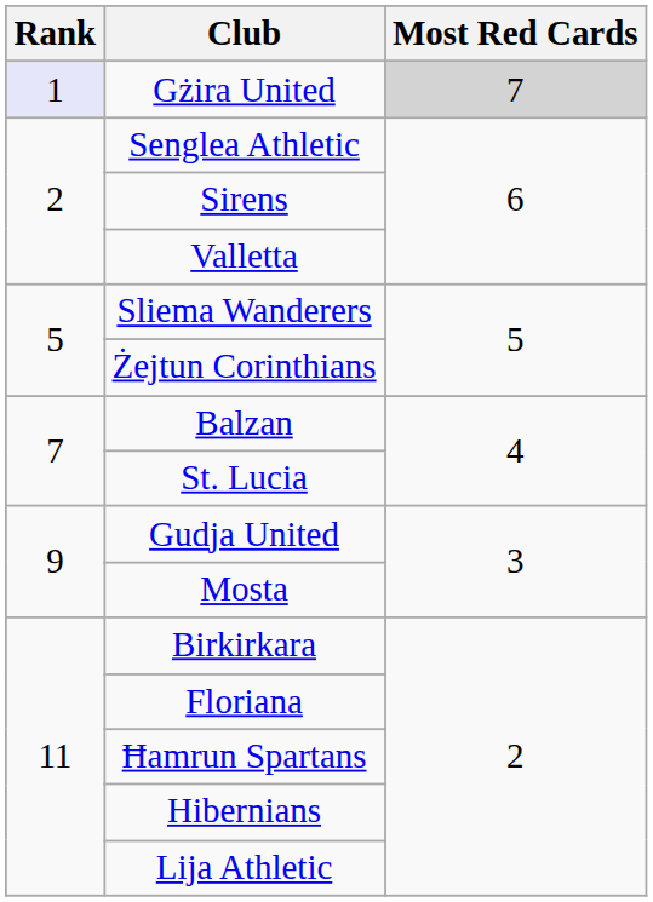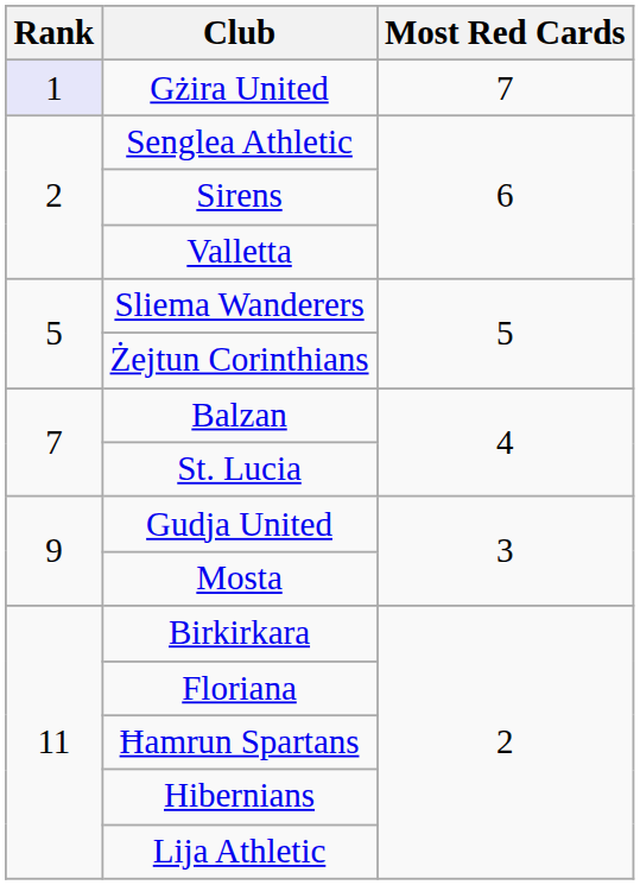 <table class="wikitable" style="text-align:center">
 <tr>
 <th>Rank</th>
 <th>Club</th>
 <th>Most Red Cards</th>
 </tr>
 <tr>
 <td style="background: lavender;">1</td>
 <td><a href='#'>Gżira United</a></td>
-<td style="background: lightgrey;">7</td>
+<td>7</td>
 </tr>
 <tr>
 <td rowspan="3">2</td>
 <td><a href='#'>Senglea Athletic</a></td>
 <td rowspan="3">6</td>
 </tr>
 <tr>
 <td><a href='#'>Sirens</a></td>
 </tr>
 <tr>
 <td><a href='#'>Valletta</a></td>
 </tr>
 <tr>
 <td rowspan="2">5</td>
 <td><a href='#'>Sliema Wanderers</a></td>
 <td rowspan="2">5</td>
 </tr>
 <tr>
 <td><a href='#'>Żejtun Corinthians</a></td>
 </tr>
 <tr>
 <td rowspan="2">7</td>
 <td><a href='#'>Balzan</a></td>
 <td rowspan="2">4</td>
 </tr>
 <tr>
 <td><a href='#'>St. Lucia</a></td>
 </tr>
 <tr>
 <td rowspan="2">9</td>
 <td><a href='#'>Gudja United</a></td>
 <td rowspan="2">3</td>
 </tr>
 <tr>
 <td><a href='#'>Mosta</a></td>
 </tr>
 <tr>
 <td rowspan="5">11</td>
 <td><a href='#'>Birkirkara</a></td>
 <td rowspan="5">2</td>
 </tr>
 <tr>
 <td><a href='#'>Floriana</a></td>
 </tr>
 <tr>
 <td><a href='#'>Ħamrun Spartans</a></td>
 </tr>
 <tr>
 <td><a href='#'>Hibernians</a></td>
 </tr>
 <tr>
 <td><a href='#'>Lija Athletic</a></td>
 </tr>
 </table>
